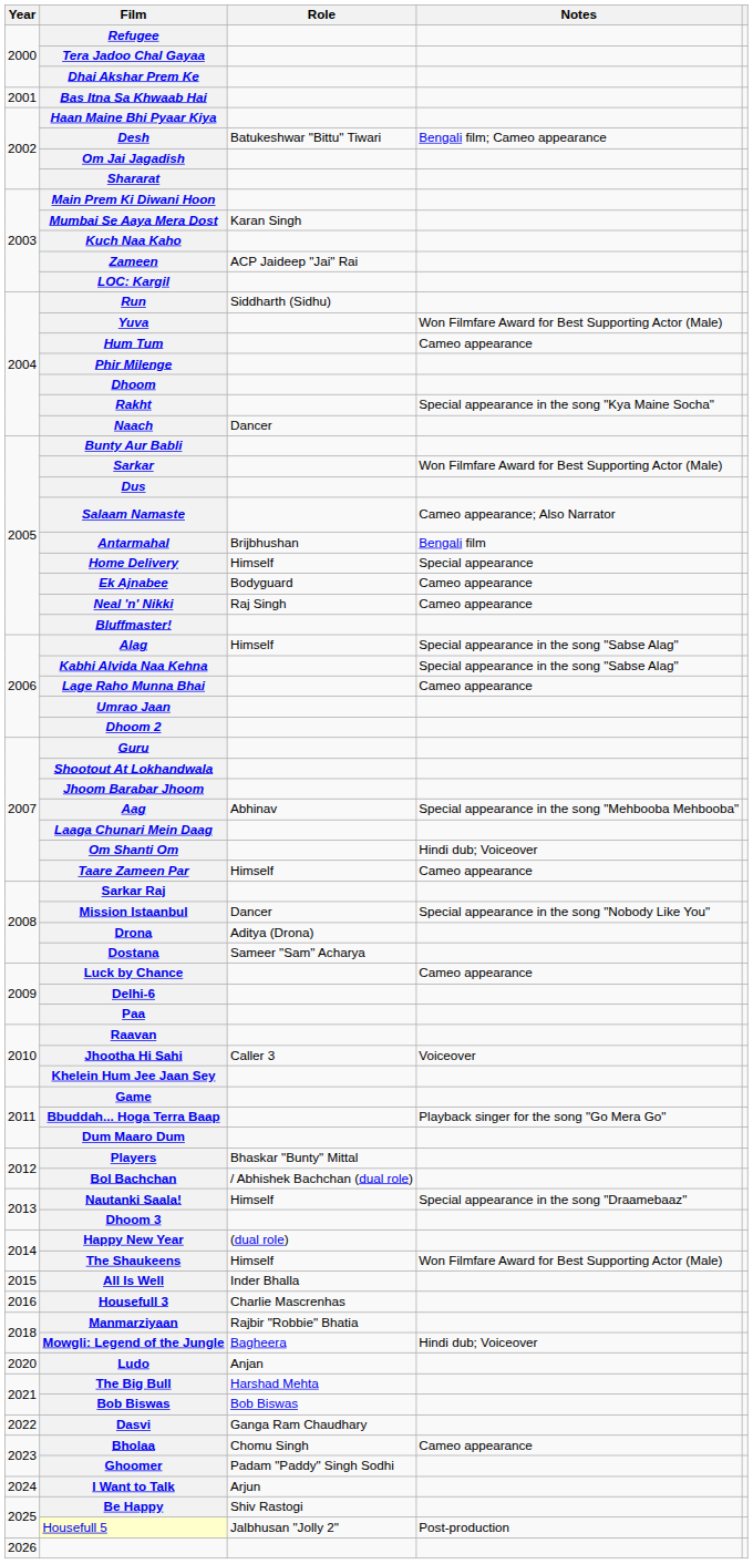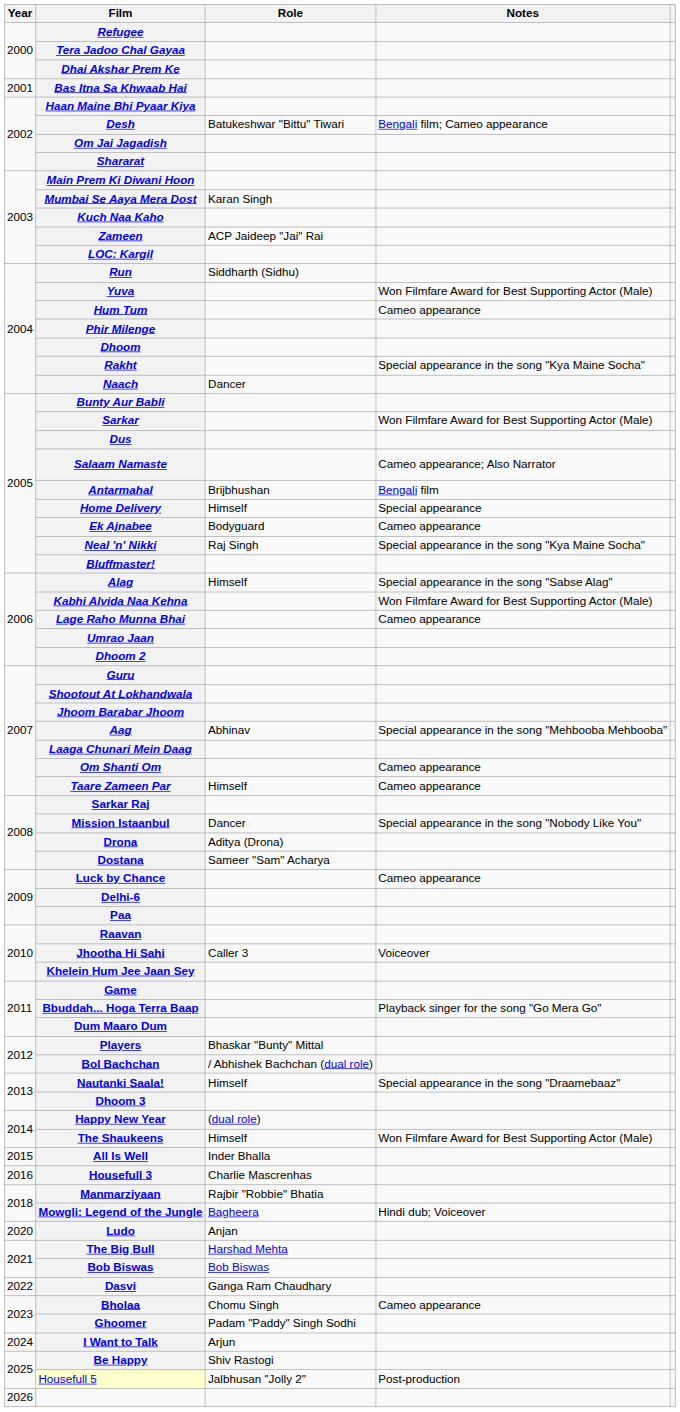 <table class="wikitable plainrowheaders sortable">
 <tr>
 <th scope="col">Year</th>
 <th scope="col">Film</th>
 <th scope="col">Role</th>
 <th scope="col" class="unsortable">Notes</th>
 <th scope="col" class="unsortable"></th>
 </tr>
 <tr>
 <td rowspan="3">2000</td>
 <th scope="row"><em><a href='#'>Refugee</a></em></th>
 <td></td>
 <td></td>
 <td style="text-align:center;"></td>
 </tr>
 <tr>
 <th scope="row"><em><a href='#'>Tera Jadoo Chal Gayaa</a></em></th>
 <td></td>
 <td></td>
 <td style="text-align:center;"><br></td>
 </tr>
 <tr>
 <th scope="row"><em><a href='#'>Dhai Akshar Prem Ke</a></em></th>
 <td></td>
 <td></td>
 <td style="text-align:center;"><br></td>
 </tr>
 <tr>
 <td>2001</td>
 <th scope="row"><em><a href='#'>Bas Itna Sa Khwaab Hai</a></em></th>
 <td></td>
 <td></td>
 <td style="text-align:center;"></td>
 </tr>
 <tr>
 <td rowspan="4">2002</td>
 <th scope="row"><em><a href='#'>Haan Maine Bhi Pyaar Kiya</a></em></th>
 <td></td>
 <td></td>
 <td style="text-align:center;"><br></td>
 </tr>
 <tr>
 <th scope="row"><em><a href='#'>Desh</a></em></th>
 <td>Batukeshwar "Bittu" Tiwari</td>
 <td><a href='#'>Bengali</a> film; Cameo appearance</td>
 <td style="text-align:center;"></td>
 </tr>
 <tr>
 <th scope="row"><em><a href='#'>Om Jai Jagadish</a></em></th>
 <td></td>
 <td></td>
 <td style="text-align:center;"></td>
 </tr>
 <tr>
 <th scope="row"><em><a href='#'>Shararat</a></em></th>
 <td></td>
 <td></td>
 <td style="text-align:center;"><br></td>
 </tr>
 <tr>
 <td rowspan="5">2003</td>
 <th scope="row"><em><a href='#'>Main Prem Ki Diwani Hoon</a></em></th>
 <td></td>
 <td></td>
 <td style="text-align:center;"></td>
 </tr>
 <tr>
 <th scope="row"><em><a href='#'>Mumbai Se Aaya Mera Dost</a></em></th>
 <td>Karan Singh</td>
 <td></td>
 <td style="text-align:center;"></td>
 </tr>
 <tr>
 <th scope="row"><em><a href='#'>Kuch Naa Kaho</a></em></th>
 <td></td>
 <td></td>
 <td style="text-align:center;"></td>
 </tr>
 <tr>
 <th scope="row"><em><a href='#'>Zameen</a></em></th>
 <td>ACP Jaideep "Jai" Rai</td>
 <td></td>
 <td style="text-align:center;"></td>
 </tr>
 <tr>
 <th scope="row"><em><a href='#'>LOC: Kargil</a></em></th>
 <td></td>
 <td></td>
 <td style="text-align:center;"></td>
 </tr>
 <tr>
 <td rowspan="7">2004</td>
 <th scope="row"><em><a href='#'>Run</a></em></th>
 <td>Siddharth (Sidhu)</td>
 <td></td>
 <td style="text-align:center;"><br></td>
 </tr>
 <tr>
 <th scope="row"><em><a href='#'>Yuva</a></em></th>
 <td></td>
 <td>Won  Filmfare Award for Best Supporting Actor (Male)</td>
 <td style="text-align:center;"></td>
 </tr>
 <tr>
 <th scope="row"><em><a href='#'>Hum Tum</a></em></th>
 <td></td>
 <td>Cameo appearance</td>
 <td style="text-align:center;"><br></td>
 </tr>
 <tr>
 <th scope="row"><em><a href='#'>Phir Milenge</a></em></th>
 <td></td>
 <td></td>
 <td style="text-align:center;"></td>
 </tr>
 <tr>
 <th scope="row"><em><a href='#'>Dhoom</a></em></th>
 <td></td>
 <td></td>
 <td style="text-align:center;"><br></td>
 </tr>
 <tr>
 <th scope="row"><em><a href='#'>Rakht</a></em></th>
 <td></td>
 <td>Special appearance in the song "Kya Maine Socha"</td>
 <td style="text-align:center;"><br></td>
 </tr>
 <tr>
 <th scope="row"><em><a href='#'>Naach</a></em></th>
 <td>Dancer</td>
 <td></td>
 <td style="text-align:center;"></td>
 </tr>
 <tr>
 <td rowspan="9">2005</td>
 <th scope="row"><em><a href='#'>Bunty Aur Babli</a></em></th>
 <td></td>
 <td></td>
 <td style="text-align:center;"><br></td>
 </tr>
 <tr>
 <th scope="row"><em><a href='#'>Sarkar</a></em></th>
 <td></td>
 <td>Won  Filmfare Award for Best Supporting Actor (Male)</td>
 <td style="text-align:center;"></td>
 </tr>
 <tr>
 <th scope="row"><em><a href='#'>Dus</a></em></th>
 <td></td>
 <td></td>
 <td style="text-align:center;"></td>
 </tr>
 <tr>
 <th scope="row"><em><a href='#'>Salaam Namaste</a></em></th>
 <td></td>
 <td>Cameo appearance; Also Narrator</td>
 <td style="text-align:center;"><br><br></td>
 </tr>
 <tr>
 <th scope="row"><em><a href='#'>Antarmahal</a></em></th>
 <td>Brijbhushan</td>
 <td><a href='#'>Bengali</a> film</td>
 <td style="text-align:center;"><br></td>
 </tr>
 <tr>
 <th scope="row"><em><a href='#'>Home Delivery</a></em></th>
 <td>Himself</td>
 <td>Special appearance</td>
 <td style="text-align:center;"><br></td>
 </tr>
 <tr>
 <th scope="row"><em><a href='#'>Ek Ajnabee</a></em></th>
 <td>Bodyguard</td>
 <td>Cameo appearance</td>
 <td style="text-align:center;"><br></td>
 </tr>
 <tr>
 <th scope="row"><em><a href='#'>Neal 'n' Nikki</a></em></th>
 <td>Raj Singh</td>
-<td>Cameo appearance</td>
+<td>Special appearance in the song "Kya Maine Socha"</td>
 <td style="text-align:center;"></td>
 </tr>
 <tr>
 <th scope="row"><em><a href='#'>Bluffmaster!</a></em></th>
 <td></td>
 <td></td>
 <td style="text-align:center;"><br></td>
 </tr>
 <tr>
 <td rowspan="5">2006</td>
 <th scope="row"><em><a href='#'>Alag</a></em></th>
 <td>Himself</td>
 <td>Special appearance in the song "Sabse Alag"</td>
 <td style="text-align:center;"></td>
 </tr>
 <tr>
 <th scope="row"><em><a href='#'>Kabhi Alvida Naa Kehna</a></em></th>
 <td></td>
-<td>Special appearance in the song "Sabse Alag"</td>
+<td>Won  Filmfare Award for Best Supporting Actor (Male)</td>
 <td style="text-align:center;"></td>
 </tr>
 <tr>
 <th scope="row"><em><a href='#'>Lage Raho Munna Bhai</a></em></th>
 <td></td>
 <td>Cameo appearance</td>
 <td style="text-align:center;"><br></td>
 </tr>
 <tr>
 <th scope="row"><em><a href='#'>Umrao Jaan</a></em></th>
 <td></td>
 <td></td>
 <td style="text-align:center;"></td>
 </tr>
 <tr>
 <th scope="row"><em><a href='#'>Dhoom 2</a></em></th>
 <td></td>
 <td></td>
 <td style="text-align:center;"></td>
 </tr>
 <tr>
 <td rowspan="7">2007</td>
 <th scope="row"><em><a href='#'>Guru</a></em></th>
 <td></td>
 <td></td>
 <td style="text-align:center;"></td>
 </tr>
 <tr>
 <th scope="row"><em><a href='#'>Shootout At Lokhandwala</a></em></th>
 <td></td>
 <td></td>
 <td style="text-align:center;"><br></td>
 </tr>
 <tr>
 <th scope="row"><em><a href='#'>Jhoom Barabar Jhoom</a></em></th>
 <td></td>
 <td></td>
 <td style="text-align:center;"></td>
 </tr>
 <tr>
 <th scope="row"><em><a href='#'>Aag</a></em></th>
 <td>Abhinav</td>
 <td>Special appearance in the song "Mehbooba Mehbooba"</td>
 <td style="text-align:center;"></td>
 </tr>
 <tr>
 <th scope="row"><em><a href='#'>Laaga Chunari Mein Daag</a></em></th>
 <td></td>
 <td></td>
 <td style="text-align:center;"></td>
 </tr>
 <tr>
 <th scope="row"><em><a href='#'>Om Shanti Om</a></em></th>
 <td></td>
-<td>Hindi dub; Voiceover</td>
+<td>Cameo appearance</td>
 <td style="text-align:center;"></td>
 </tr>
 <tr>
 <th scope="row"><em><a href='#'>Taare Zameen Par</a></th>
 <td>Himself</td>
 <td>Cameo appearance</td>
 <td></td>
 </tr>
 <tr>
 <td rowspan="4">2008</td>
 <th scope="row"></em><a href='#'>Sarkar Raj</a><em></th>
 <td></td>
 <td></td>
 <td style="text-align:center;"></td>
 </tr>
 <tr>
 <th scope="row"></em><a href='#'>Mission Istaanbul</a><em></th>
 <td>Dancer</td>
 <td>Special appearance in the song "Nobody Like You"</td>
 <td style="text-align:center;"><br></td>
 </tr>
 <tr>
 <th scope="row"></em><a href='#'>Drona</a><em></th>
 <td>Aditya (Drona)</td>
 <td></td>
 <td style="text-align:center;"></td>
 </tr>
 <tr>
 <th scope="row"></em><a href='#'>Dostana</a><em></th>
 <td>Sameer "Sam" Acharya</td>
 <td></td>
 <td style="text-align:center;"></td>
 </tr>
 <tr>
 <td rowspan="3">2009</td>
 <th scope="row"></em><a href='#'>Luck by Chance</a><em></th>
 <td></td>
 <td>Cameo appearance</td>
 <td style="text-align:center;"></td>
 </tr>
 <tr>
 <th scope="row"></em><a href='#'>Delhi-6</a><em></th>
 <td></td>
 <td></td>
 <td style="text-align:center;"></td>
 </tr>
 <tr>
 <th scope="row"></em><a href='#'>Paa</a><em></th>
 <td></td>
 <td></td>
 <td style="text-align:center;"><br></td>
 </tr>
 <tr>
 <td rowspan="3">2010</td>
 <th scope="row"></em><a href='#'>Raavan</a><em></th>
 <td></td>
 <td></td>
 <td style="text-align:center;"></td>
 </tr>
 <tr>
 <th scope="row"></em><a href='#'>Jhootha Hi Sahi</a><em></th>
 <td>Caller 3</td>
 <td>Voiceover</td>
 <td style="text-align:center;"><br></td>
 </tr>
 <tr>
 <th scope="row"></em><a href='#'>Khelein Hum Jee Jaan Sey</a><em></th>
 <td></td>
 <td></td>
 <td style="text-align:center;"></td>
 </tr>
 <tr>
 <td rowspan="3">2011</td>
 <th scope="row"></em><a href='#'>Game</a><em></th>
 <td></td>
 <td></td>
 <td style="text-align:center;"></td>
 </tr>
 <tr>
 <th scope="row"></em><a href='#'>Bbuddah... Hoga Terra Baap</a><em></th>
 <td></td>
 <td>Playback singer for the song "Go Mera Go"</td>
 <td style="text-align:center;"></td>
 </tr>
 <tr>
 <th scope="row"></em><a href='#'>Dum Maaro Dum</a><em></th>
 <td></td>
 <td></td>
 <td style="text-align:center;"><br></td>
 </tr>
 <tr>
 <td rowspan="2">2012</td>
 <th scope="row"></em><a href='#'>Players</a><em></th>
 <td>Bhaskar "Bunty" Mittal</td>
 <td></td>
 <td style="text-align:center;"><br></td>
 </tr>
 <tr>
 <th scope="row"></em><a href='#'>Bol Bachchan</a><em></th>
 <td> / Abhishek Bachchan (<a href='#'>dual role</a>)</td>
 <td></td>
 <td style="text-align:center;"><br></td>
 </tr>
 <tr>
 <td rowspan="2">2013</td>
 <th scope="row"></em><a href='#'>Nautanki Saala!</a><em></th>
 <td>Himself</td>
 <td>Special appearance in the song "Draamebaaz"</td>
 <td style="text-align:center;"></td>
 </tr>
 <tr>
 <th scope="row"></em><a href='#'>Dhoom 3</a><em></th>
 <td></td>
 <td></td>
 <td style="text-align:center;"></td>
 </tr>
 <tr>
 <td rowspan="2">2014</td>
 <th scope="row"></em><a href='#'>Happy New Year</a><em></th>
 <td> (<a href='#'>dual role</a>)</td>
 <td></td>
 <td style="text-align:center;"></td>
 </tr>
 <tr>
 <th scope="row"></em><a href='#'>The Shaukeens</a><em></th>
 <td>Himself</td>
 <td>Won  Filmfare Award for Best Supporting Actor (Male)</td>
 <td style="text-align:center;"></td>
 </tr>
 <tr>
 <td>2015</td>
 <th scope="row"></em><a href='#'>All Is Well</a><em></th>
 <td>Inder Bhalla</td>
 <td></td>
 <td style="text-align:center;"><br></td>
 </tr>
 <tr>
 <td>2016</td>
 <th scope="row"></em><a href='#'>Housefull 3</a><em></th>
 <td>Charlie Mascrenhas</td>
 <td></td>
 <td style="text-align:center;"></td>
 </tr>
 <tr>
 <td rowspan="2">2018</td>
 <th scope="row"></em><a href='#'>Manmarziyaan</a><em></th>
 <td>Rajbir "Robbie" Bhatia</td>
 <td></td>
 <td style="text-align:center;"></td>
 </tr>
 <tr>
 <th scope="row"></em><a href='#'>Mowgli: Legend of the Jungle</a><em></th>
 <td><a href='#'>Bagheera</a></td>
 <td>Hindi dub; Voiceover</td>
 <td style="text-align:center;"></td>
 </tr>
 <tr>
 <td>2020</td>
 <th scope="row"></em><a href='#'>Ludo</a><em></th>
 <td>Anjan</td>
 <td></td>
 <td style="text-align:center;"></td>
 </tr>
 <tr>
 <td rowspan="2">2021</td>
 <th scope="row"></em><a href='#'>The Big Bull</a><em></th>
 <td><a href='#'>Harshad Mehta</a></td>
 <td></td>
 <td style="text-align:center;"></td>
 </tr>
 <tr>
 <th scope="row"></em><a href='#'>Bob Biswas</a><em></th>
 <td><a href='#'>Bob Biswas</a></td>
 <td></td>
 <td style="text-align:center;"></td>
 </tr>
 <tr>
 <td>2022</td>
 <th scope="row"></em><a href='#'>Dasvi</a><em></th>
 <td>Ganga Ram Chaudhary</td>
 <td></td>
 <td style="text-align:center;"></td>
 </tr>
 <tr>
 <td rowspan="2">2023</td>
 <th scope="row"></em><a href='#'>Bholaa</a><em></th>
 <td>Chomu Singh</td>
 <td>Cameo appearance</td>
 <td style="text-align:center;"></td>
 </tr>
 <tr>
 <th scope="row"></em><a href='#'>Ghoomer</a><em></th>
 <td>Padam "Paddy" Singh Sodhi</td>
 <td></td>
 <td style="text-align:center;"></td>
 </tr>
 <tr>
 <td>2024</td>
 <th scope="row"></em><a href='#'>I Want to Talk</a><em></th>
 <td>Arjun</td>
 <td></td>
 <td style="text-align:center;"></td>
 </tr>
 <tr>
 <td rowspan="2">2025</td>
 <th scope="row"></em><a href='#'>Be Happy</a><em></th>
 <td>Shiv Rastogi</td>
 <td></td>
 <td style="text-align:center;"></td>
 </tr>
 <tr>
 <td style="background:#FFFFCC;"></em><a href='#'>Housefull 5</a><em> </td>
 <td>Jalbhusan "Jolly 2"</td>
 <td>Post-production</td>
 <td style="text-align:center;"></td>
 </tr>
 <tr>
 <td>2026</td>
 <td></td>
 <td></td>
 <td></td>
 <td style="text-align: center;"></td>
 </tr>
 </table>
